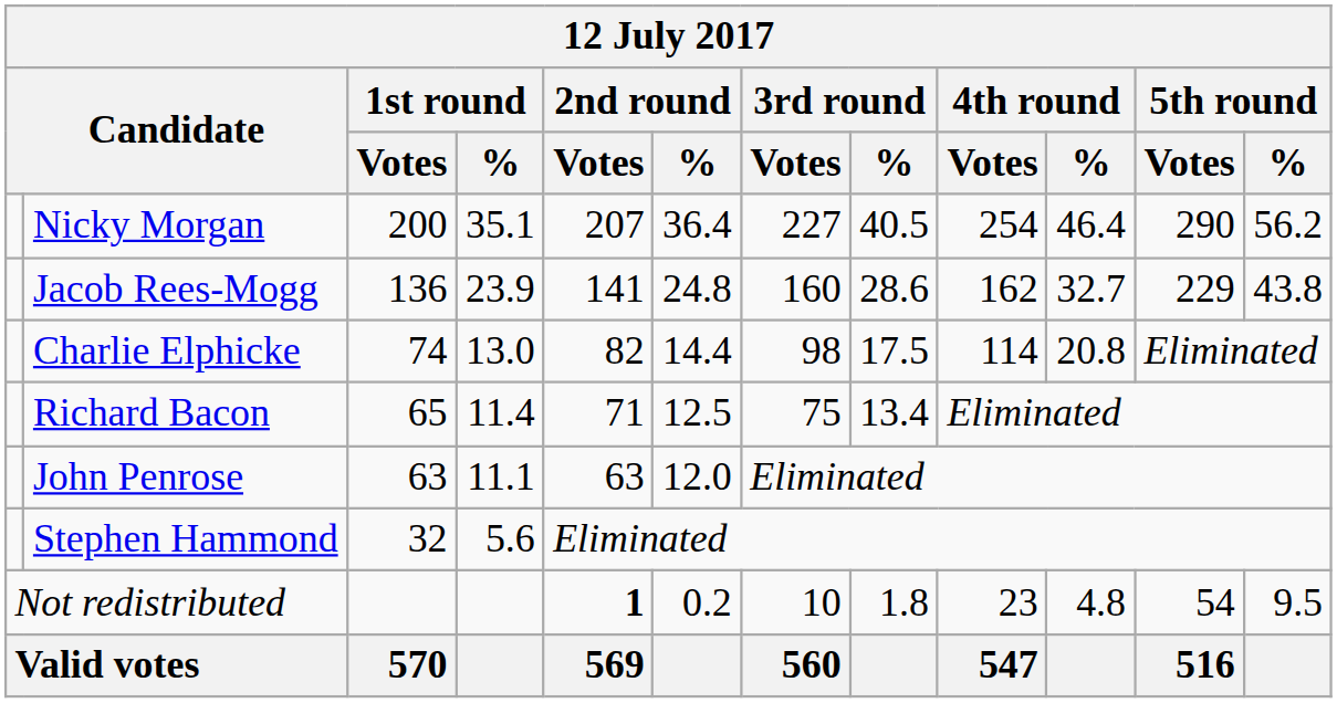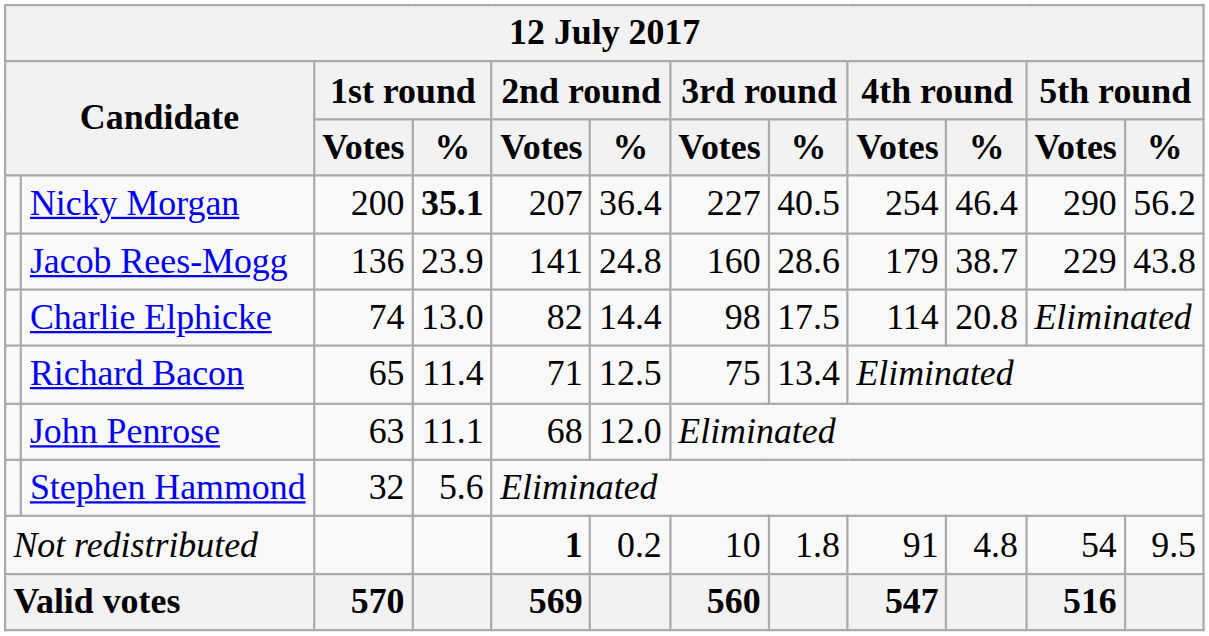 <table class="wikitable" style="min-width:250px">
 <tr>
 <th colspan="12">12 July 2017</th>
 </tr>
 <tr>
 <th colspan="2" rowspan="2">Candidate</th>
 <th colspan="2">1st round</th>
 <th colspan="2">2nd round</th>
 <th colspan="2">3rd round</th>
 <th colspan="2">4th round</th>
 <th colspan="2">5th round</th>
 </tr>
 <tr>
 <th>Votes</th>
 <th>%</th>
 <th>Votes</th>
 <th>%</th>
 <th>Votes</th>
 <th>%</th>
 <th>Votes</th>
 <th>%</th>
 <th>Votes</th>
 <th>%</th>
 </tr>
 <tr>
 <td style="color:inherit;background-color: "></td>
 <td><a href='#'>Nicky Morgan</a></td>
 <td align="right">200</td>
-<td align="right">35.1</td>
+<td align="right"><strong>35.1</strong></td>
 <td align="right">207</td>
 <td align="right">36.4</td>
 <td align="right">227</td>
 <td align="right">40.5</td>
 <td align="right">254</td>
 <td align="right">46.4</td>
 <td align="right">290</td>
 <td align="right">56.2</td>
 </tr>
 <tr>
 <td style="color:inherit;background-color: "></td>
 <td><a href='#'>Jacob Rees-Mogg</a></td>
 <td align="right">136</td>
 <td align="right">23.9</td>
 <td align="right">141</td>
 <td align="right">24.8</td>
 <td align="right">160</td>
 <td align="right">28.6</td>
-<td align="right">162</td>
-<td align="right">32.7</td>
+<td align="right">179</td>
+<td align="right">38.7</td>
 <td align="right">229</td>
 <td align="right">43.8</td>
 </tr>
 <tr>
 <td style="color:inherit;background-color: "></td>
 <td><a href='#'>Charlie Elphicke</a></td>
 <td align="right">74</td>
 <td align="right">13.0</td>
 <td align="right">82</td>
 <td align="right">14.4</td>
 <td align="right">98</td>
 <td align="right">17.5</td>
 <td align="right">114</td>
 <td align="right">20.8</td>
 <td colspan="2"><em>Eliminated</em></td>
 </tr>
 <tr>
 <td style="color:inherit;background-color: "></td>
 <td><a href='#'>Richard Bacon</a></td>
 <td align="right">65</td>
 <td align="right">11.4</td>
 <td align="right">71</td>
 <td align="right">12.5</td>
 <td align="right">75</td>
 <td align="right">13.4</td>
 <td colspan="4"><em>Eliminated</em></td>
 </tr>
 <tr>
 <td style="color:inherit;background-color: "></td>
 <td><a href='#'>John Penrose</a></td>
 <td align="right">63</td>
 <td align="right">11.1</td>
-<td align="right">63</td>
+<td align="right">68</td>
 <td align="right">12.0</td>
 <td colspan="6"><em>Eliminated</em></td>
 </tr>
 <tr>
 <td style="color:inherit;background-color: "></td>
 <td><a href='#'>Stephen Hammond</a></td>
 <td align="right">32</td>
 <td align="right">5.6</td>
 <td colspan="8"><em>Eliminated</em></td>
 </tr>
 <tr>
 <td colspan="2"><em>Not redistributed</em></td>
 <td align="right"></td>
 <td align="right"></td>
 <td align="right"><strong>1</strong></td>
 <td align="right">0.2</td>
 <td align="right">10</td>
 <td align="right">1.8</td>
-<td align="right">23</td>
+<td align="right">91</td>
 <td align="right">4.8</td>
 <td align="right">54</td>
 <td align="right">9.5</td>
 </tr>
 <tr>
 <th style="text-align:left;" colspan="2"><strong>Valid votes</strong></th>
 <th style="text-align:right;">570</th>
 <th style="text-align:right;"></th>
 <th style="text-align:right;">569</th>
 <th style="text-align:right;"></th>
 <th style="text-align:right;">560</th>
 <th style="text-align:right;"></th>
 <th style="text-align:right;">547</th>
 <th style="text-align:right;"></th>
 <th style="text-align:right;">516</th>
 <th style="text-align:right;"></th>
 </tr>
 </table>
